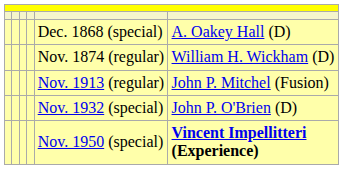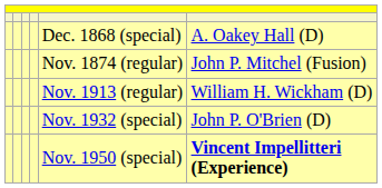 <table class="wikitable" style="background:#ffa;">
 <tr>
 <td colspan="6" style="background:yellow;"></td>
 </tr>
 <tr>
 <td style="background:#f5f5cc;"></td>
 <td style="background:#f5f5cc;"></td>
 <td style="background:#f5f5cc;"></td>
 <td style="background:#f5f5cc;"></td>
 <td style="background:#f5f5cc;"></td>
 <td style="background:#f5f5cc;"></td>
 </tr>
 <tr>
 <td></td>
 <td></td>
 <td></td>
 <td></td>
 <td>Dec. 1868 (special)</td>
 <td><a href='#'>A. Oakey Hall</a> (D)</td>
 </tr>
 <tr>
 <td></td>
 <td></td>
 <td></td>
 <td></td>
 <td>Nov. 1874 (regular)</td>
-<td><a href='#'>William H. Wickham</a> (D)</td>
+<td><a href='#'>John P. Mitchel</a> (Fusion)</td>
 </tr>
 <tr>
 <td></td>
 <td></td>
 <td></td>
 <td></td>
 <td><a href='#'>Nov. 1913</a> (regular)</td>
-<td><a href='#'>John P. Mitchel</a> (Fusion)</td>
+<td><a href='#'>William H. Wickham</a> (D)</td>
 </tr>
 <tr>
 <td></td>
 <td></td>
 <td></td>
 <td></td>
 <td><a href='#'>Nov. 1932</a> (special)</td>
 <td><a href='#'>John P. O'Brien</a> (D)</td>
 </tr>
 <tr>
 <td></td>
 <td></td>
 <td></td>
 <td></td>
 <td><a href='#'>Nov. 1950</a> (special)</td>
 <td><strong><a href='#'>Vincent Impellitteri</a> <br>(Experience)</strong></td>
 </tr>
 </table>
